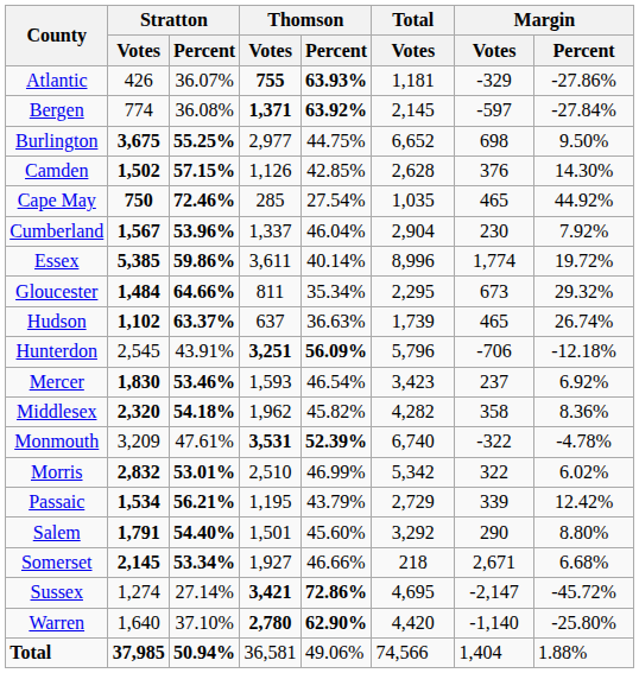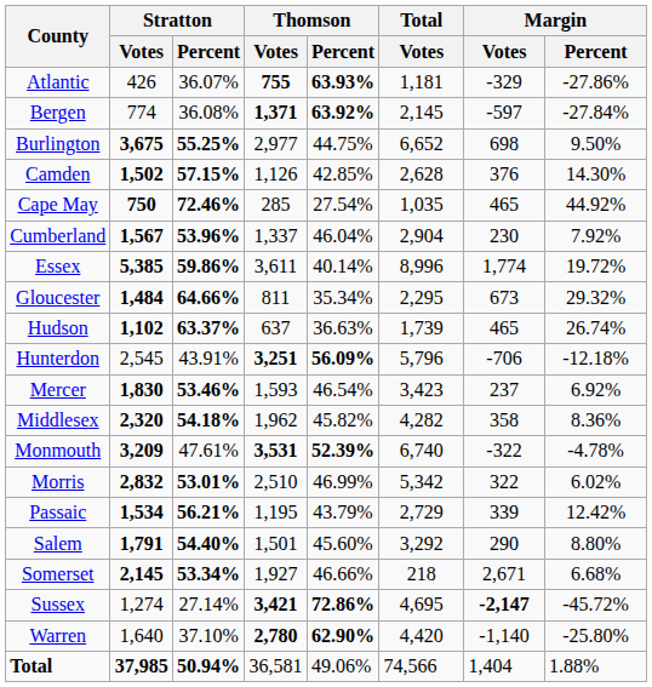 <table style="width:60%;" class="wikitable sortable">
 <tr style="background:lightgrey;">
 <th style="width:3%;" rowspan=2>County</th>
 <th style="width:2%;" colspan="2">Stratton</th>
 <th style="width:2%;" colspan=2>Thomson</th>
 <th>Total</th>
 <th colspan="2">Margin</th>
 </tr>
 <tr>
 <th>Votes</th>
 <th>Percent</th>
 <th>Votes</th>
 <th>Percent</th>
 <th>Votes</th>
 <th>Votes</th>
 <th>Percent</th>
 </tr>
 <tr style="text-align:center;"|>
 <td><a href='#'>Atlantic</a></td>
 <td>426</td>
 <td>36.07%</td>
 <td><strong>755</strong></td>
 <td><strong>63.93%</strong></td>
 <td>1,181</td>
 <td>-329</td>
 <td>-27.86%</td>
 </tr>
 <tr style="text-align:center;"|>
 <td><a href='#'>Bergen</a></td>
 <td>774</td>
 <td>36.08%</td>
 <td><strong>1,371</strong></td>
 <td><strong>63.92%</strong></td>
 <td>2,145</td>
 <td>-597</td>
 <td>-27.84%</td>
 </tr>
 <tr style="text-align:center;"|>
 <td><a href='#'>Burlington</a></td>
 <td><strong>3,675</strong></td>
 <td><strong>55.25%</strong></td>
 <td>2,977</td>
 <td>44.75%</td>
 <td>6,652</td>
 <td>698</td>
 <td>9.50%</td>
 </tr>
 <tr style="text-align:center;"|>
 <td><a href='#'>Camden</a></td>
 <td><strong>1,502</strong></td>
 <td><strong>57.15%</strong></td>
 <td>1,126</td>
 <td>42.85%</td>
 <td>2,628</td>
 <td>376</td>
 <td>14.30%</td>
 </tr>
 <tr style="text-align:center;"|>
 <td><a href='#'>Cape May</a></td>
 <td><strong>750</strong></td>
 <td><strong>72.46%</strong></td>
 <td>285</td>
 <td>27.54%</td>
 <td>1,035</td>
 <td>465</td>
 <td>44.92%</td>
 </tr>
 <tr style="text-align:center;"|>
 <td><a href='#'>Cumberland</a></td>
 <td><strong>1,567</strong></td>
 <td><strong>53.96%</strong></td>
 <td>1,337</td>
 <td>46.04%</td>
 <td>2,904</td>
 <td>230</td>
 <td>7.92%</td>
 </tr>
 <tr style="text-align:center;"|>
 <td><a href='#'>Essex</a></td>
 <td><strong>5,385</strong></td>
 <td><strong>59.86%</strong></td>
 <td>3,611</td>
 <td>40.14%</td>
 <td>8,996</td>
 <td>1,774</td>
 <td>19.72%</td>
 </tr>
 <tr style="text-align:center;"|>
 <td><a href='#'>Gloucester</a></td>
 <td><strong>1,484</strong></td>
 <td><strong>64.66%</strong></td>
 <td>811</td>
 <td>35.34%</td>
 <td>2,295</td>
 <td>673</td>
 <td>29.32%</td>
 </tr>
 <tr style="text-align:center;"|>
 <td><a href='#'>Hudson</a></td>
 <td><strong>1,102</strong></td>
 <td><strong>63.37%</strong></td>
 <td>637</td>
 <td>36.63%</td>
 <td>1,739</td>
 <td>465</td>
 <td>26.74%</td>
 </tr>
 <tr style="text-align:center;"|>
 <td><a href='#'>Hunterdon</a></td>
 <td>2,545</td>
 <td>43.91%</td>
 <td><strong>3,251</strong></td>
 <td><strong>56.09%</strong></td>
 <td>5,796</td>
 <td>-706</td>
 <td>-12.18%</td>
 </tr>
 <tr style="text-align:center;"|>
 <td><a href='#'>Mercer</a></td>
 <td><strong>1,830</strong></td>
 <td><strong>53.46%</strong></td>
 <td>1,593</td>
 <td>46.54%</td>
 <td>3,423</td>
 <td>237</td>
 <td>6.92%</td>
 </tr>
 <tr style="text-align:center;"|>
 <td><a href='#'>Middlesex</a></td>
 <td><strong>2,320</strong></td>
 <td><strong>54.18%</strong></td>
 <td>1,962</td>
 <td>45.82%</td>
 <td>4,282</td>
 <td>358</td>
 <td>8.36%</td>
 </tr>
 <tr style="text-align:center;"|>
 <td><a href='#'>Monmouth</a></td>
-<td>3,209</td>
+<td><strong>3,209</strong></td>
 <td>47.61%</td>
 <td><strong>3,531</strong></td>
 <td><strong>52.39%</strong></td>
 <td>6,740</td>
 <td>-322</td>
 <td>-4.78%</td>
 </tr>
 <tr style="text-align:center;"|>
 <td><a href='#'>Morris</a></td>
 <td><strong>2,832</strong></td>
 <td><strong>53.01%</strong></td>
 <td>2,510</td>
 <td>46.99%</td>
 <td>5,342</td>
 <td>322</td>
 <td>6.02%</td>
 </tr>
 <tr style="text-align:center;"|>
 <td><a href='#'>Passaic</a></td>
 <td><strong>1,534</strong></td>
 <td><strong>56.21%</strong></td>
 <td>1,195</td>
 <td>43.79%</td>
 <td>2,729</td>
 <td>339</td>
 <td>12.42%</td>
 </tr>
 <tr style="text-align:center;"|>
 <td><a href='#'>Salem</a></td>
 <td><strong>1,791</strong></td>
 <td><strong>54.40%</strong></td>
 <td>1,501</td>
 <td>45.60%</td>
 <td>3,292</td>
 <td>290</td>
 <td>8.80%</td>
 </tr>
 <tr style="text-align:center;"|>
 <td><a href='#'>Somerset</a></td>
 <td><strong>2,145</strong></td>
 <td><strong>53.34%</strong></td>
 <td>1,927</td>
 <td>46.66%</td>
 <td>218</td>
 <td>2,671</td>
 <td>6.68%</td>
 </tr>
 <tr style="text-align:center;"|>
 <td><a href='#'>Sussex</a></td>
 <td>1,274</td>
 <td>27.14%</td>
 <td><strong>3,421</strong></td>
 <td><strong>72.86%</strong></td>
 <td>4,695</td>
-<td>-2,147</td>
+<td><strong>-2,147</strong></td>
 <td>-45.72%</td>
 </tr>
 <tr style="text-align:center;"|>
 <td><a href='#'>Warren</a></td>
 <td>1,640</td>
 <td>37.10%</td>
 <td><strong>2,780</strong></td>
 <td><strong>62.90%</strong></td>
 <td>4,420</td>
 <td>-1,140</td>
 <td>-25.80%</td>
 </tr>
 <tr>
 <td><strong>Total</strong></td>
 <td><strong>37,985</strong></td>
 <td><strong>50.94%</strong></td>
 <td>36,581</td>
 <td>49.06%</td>
 <td>74,566</td>
 <td>1,404</td>
 <td>1.88%</td>
 </tr>
 </table>
